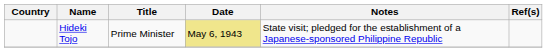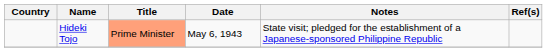 <table class="wikitable sortable">
 <tr>
 <th style="width:10%;">Country</th>
 <th style="width:10%;">Name</th>
 <th style="width:15%;">Title</th>
 <th style="width:15%;">Date</th>
 <th style="width:50%;">Notes</th>
 <th style="width:5%;">Ref(s)</th>
 </tr>
 <tr>
 <td></td>
 <td><a href='#'>Hideki Tojo</a></td>
-<td>Prime Minister</td>
-<td style="background: khaki;">May 6, 1943</td>
+<td style="background: lightsalmon;">Prime Minister</td>
+<td>May 6, 1943</td>
 <td> State visit; pledged for the establishment of a <a href='#'>Japanese-sponsored Philippine Republic</a></td>
 <td></td>
 </tr>
 <tr>
 </tr>
 </table>
